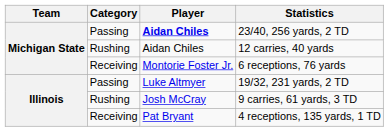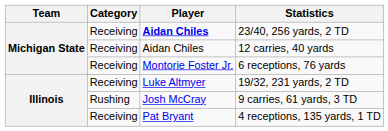 <table class="wikitable" style="float:right">
 <tr>
 <th>Team</th>
 <th>Category</th>
 <th>Player</th>
 <th>Statistics</th>
 </tr>
 <tr>
 <th rowspan=3>Michigan State</th>
-<td>Passing</td>
+<td>Receiving</td>
 <td><strong><a href='#'>Aidan Chiles</a></strong></td>
 <td>23/40, 256 yards, 2 TD</td>
 </tr>
 <tr>
-<td>Rushing</td>
+<td>Receiving</td>
 <td>Aidan Chiles</td>
 <td>12 carries, 40 yards</td>
 </tr>
 <tr>
 <td>Receiving</td>
 <td><a href='#'>Montorie Foster Jr.</a></td>
 <td>6 receptions, 76 yards</td>
 </tr>
 <tr>
 <th rowspan=3>Illinois</th>
-<td>Passing</td>
+<td>Receiving</td>
 <td><a href='#'>Luke Altmyer</a></td>
 <td>19/32, 231 yards, 2 TD</td>
 </tr>
 <tr>
 <td>Rushing</td>
 <td><a href='#'>Josh McCray</a></td>
 <td>9 carries, 61 yards, 3 TD</td>
 </tr>
 <tr>
 <td>Receiving</td>
 <td><a href='#'>Pat Bryant</a></td>
 <td>4 receptions, 135 yards, 1 TD</td>
 </tr>
 </table>
